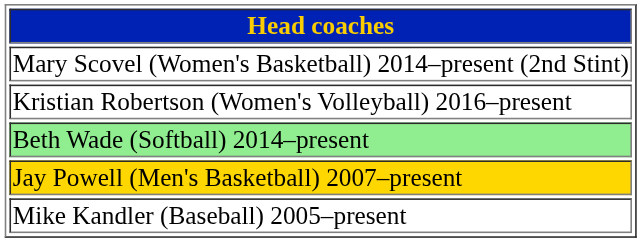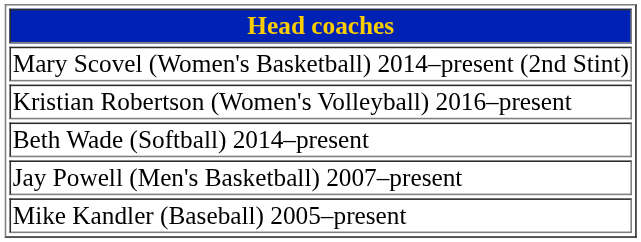 <table style="float: right;" border="1">
 <tr>
 <td colspan="2" style="background: #0022B4; color: #FACD00; text-align: center;"><strong>Head coaches</strong></td>
 </tr>
 <tr align=center>
 <td>Mary Scovel (Women's Basketball) 2014–present (2nd Stint)</td>
 </tr>
 <tr>
 <td>Kristian Robertson (Women's Volleyball) 2016–present</td>
 </tr>
 <tr>
-<td style="background: lightgreen;">Beth Wade (Softball) 2014–present</td>
+<td>Beth Wade (Softball) 2014–present</td>
 </tr>
 <tr>
-<td style="background: gold;">Jay Powell (Men's Basketball) 2007–present</td>
+<td>Jay Powell (Men's Basketball) 2007–present</td>
 </tr>
 <tr>
 <td>Mike Kandler (Baseball) 2005–present</td>
 </tr>
 </table>
